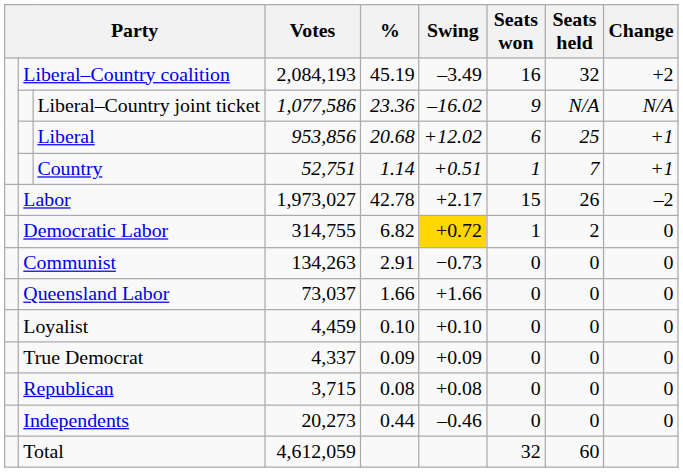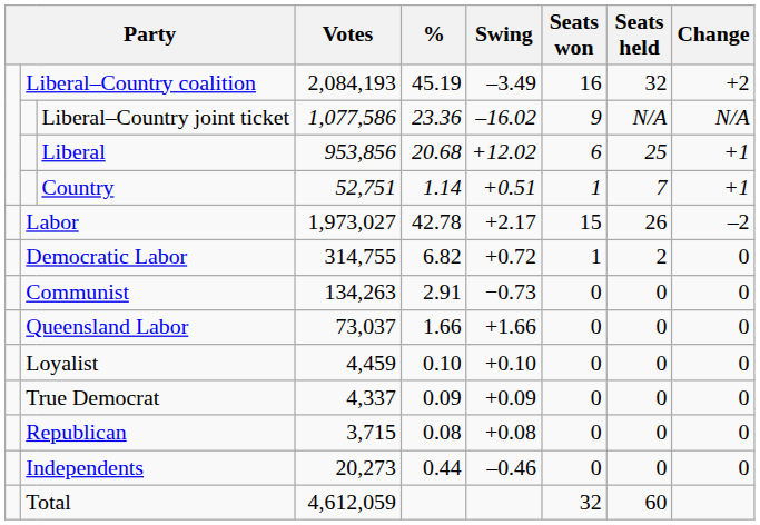 <table class="wikitable">
 <tr>
 <th colspan=3 style="width:180px">Party</th>
 <th style="width:70px">Votes</th>
 <th style="width:40px">%</th>
 <th style="width:40px">Swing</th>
 <th style="width:40px">Seats won</th>
 <th style="width:40px">Seats held</th>
 <th style="width:40px">Change</th>
 </tr>
 <tr>
 <td rowspan=4> </td>
 <td colspan=2><a href='#'>Liberal–Country coalition</a></td>
 <td align=right>2,084,193</td>
 <td align=right>45.19</td>
 <td align=right>–3.49</td>
 <td align=right>16</td>
 <td align=right>32</td>
 <td align=right>+2</td>
 </tr>
 <tr>
 <td> </td>
 <td>Liberal–Country joint ticket</td>
 <td align=right><em>1,077,586</em></td>
 <td align=right><em>23.36</em></td>
 <td align=right><em>–16.02</em></td>
 <td align=right><em>9</em></td>
 <td align=right><em>N/A</em></td>
 <td align=right><em>N/A</em></td>
 </tr>
 <tr>
 <td> </td>
 <td><a href='#'>Liberal</a></td>
 <td align=right><em>953,856</em></td>
 <td align=right><em>20.68</em></td>
 <td align=right><em>+12.02</em></td>
 <td align=right><em>6</em></td>
 <td align=right><em>25</em></td>
 <td align=right><em>+1</em></td>
 </tr>
 <tr>
 <td> </td>
 <td><a href='#'>Country</a></td>
 <td align=right><em>52,751</em></td>
 <td align=right><em>1.14</em></td>
 <td align=right><em>+0.51</em></td>
 <td align=right><em>1</em></td>
 <td align=right><em>7</em></td>
 <td align=right><em>+1</em></td>
 </tr>
 <tr>
 <td> </td>
 <td colspan=2><a href='#'>Labor</a></td>
 <td align=right>1,973,027</td>
 <td align=right>42.78</td>
 <td align=right>+2.17</td>
 <td align=right>15</td>
 <td align=right>26</td>
 <td align=right>–2</td>
 </tr>
 <tr>
 <td> </td>
 <td colspan=2><a href='#'>Democratic Labor</a></td>
 <td align=right>314,755</td>
 <td align=right>6.82</td>
-<td align=right style="background: gold;">+0.72</td>
+<td align=right>+0.72</td>
 <td align=right>1</td>
 <td align=right>2</td>
 <td align=right>0</td>
 </tr>
 <tr>
 <td> </td>
 <td colspan=2><a href='#'>Communist</a></td>
 <td align=right>134,263</td>
 <td align=right>2.91</td>
 <td align=right>−0.73</td>
 <td align=right>0</td>
 <td align=right>0</td>
 <td align=right>0</td>
 </tr>
 <tr>
 <td> </td>
 <td colspan=2><a href='#'>Queensland Labor</a></td>
 <td align=right>73,037</td>
 <td align=right>1.66</td>
 <td align=right>+1.66</td>
 <td align=right>0</td>
 <td align=right>0</td>
 <td align=right>0</td>
 </tr>
 <tr>
 <td> </td>
 <td colspan=2>Loyalist</td>
 <td align=right>4,459</td>
 <td align=right>0.10</td>
 <td align=right>+0.10</td>
 <td align=right>0</td>
 <td align=right>0</td>
 <td align=right>0</td>
 </tr>
 <tr>
 <td> </td>
 <td colspan=2>True Democrat</td>
 <td align=right>4,337</td>
 <td align=right>0.09</td>
 <td align=right>+0.09</td>
 <td align=right>0</td>
 <td align=right>0</td>
 <td align=right>0</td>
 </tr>
 <tr>
 <td> </td>
 <td colspan=2><a href='#'>Republican</a></td>
 <td align=right>3,715</td>
 <td align=right>0.08</td>
 <td align=right>+0.08</td>
 <td align=right>0</td>
 <td align=right>0</td>
 <td align=right>0</td>
 </tr>
 <tr>
 <td> </td>
 <td colspan=2><a href='#'>Independents</a></td>
 <td align=right>20,273</td>
 <td align=right>0.44</td>
 <td align=right>–0.46</td>
 <td align=right>0</td>
 <td align=right>0</td>
 <td align=right>0</td>
 </tr>
 <tr>
 <td> </td>
 <td colspan=2>Total</td>
 <td align=right>4,612,059</td>
 <td align=right> </td>
 <td align=right> </td>
 <td align=right>32</td>
 <td align=right>60</td>
 <td align=right></td>
 </tr>
 </table>
